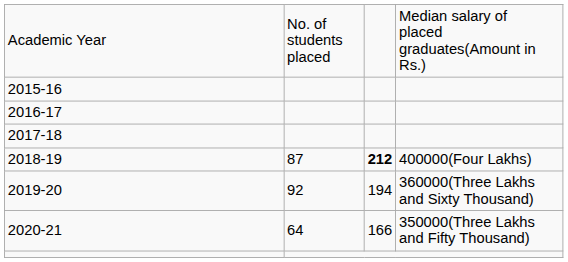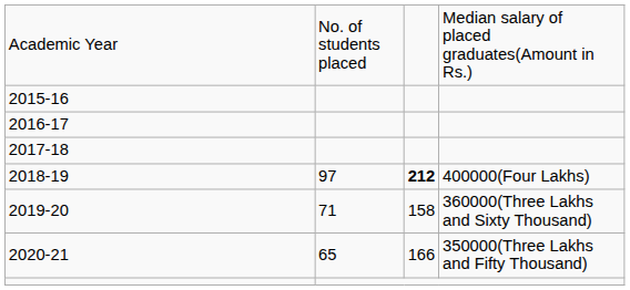 <table class="wikitable">
 <tr>
 <td style="width:50%;">Academic Year</td>
 <td>No. of students<br>placed</td>
 <td></td>
 <td>Median salary of<br>placed graduates(Amount in Rs.)</td>
 </tr>
 <tr>
 <td>2015-16</td>
 <td></td>
 <td></td>
 <td></td>
 </tr>
 <tr>
 <td>2016-17</td>
 <td></td>
 <td></td>
 <td></td>
 </tr>
 <tr>
 <td>2017-18</td>
 <td></td>
 <td></td>
 <td></td>
 </tr>
 <tr>
 <td style="width:50%;">2018-19</td>
-<td>87</td>
+<td>97</td>
 <td><strong>212</strong></td>
 <td>400000(Four Lakhs)</td>
 </tr>
 <tr>
 <td style="width:50%;">2019-20</td>
-<td>92</td>
-<td>194</td>
+<td>71</td>
+<td>158</td>
 <td>360000(Three Lakhs<br>and Sixty Thousand)</td>
 </tr>
 <tr>
 <td style="width:50%;">2020-21</td>
-<td>64</td>
+<td>65</td>
 <td>166</td>
 <td>350000(Three Lakhs<br>and Fifty Thousand)</td>
 </tr>
 <tr>
 <td></td>
 </tr>
 </table>
